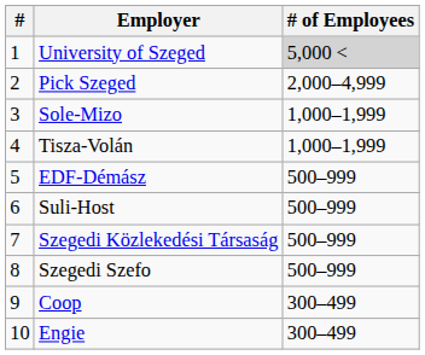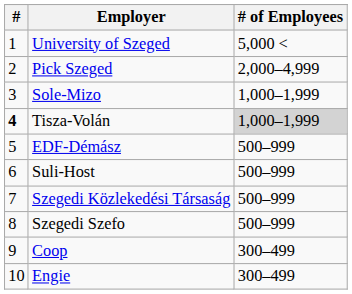 <table class="wikitable">
 <tr style="background:#ececec; vertical-align:top;">
 </tr>
 <tr>
 <th>#</th>
 <th>Employer</th>
 <th># of Employees</th>
 </tr>
 <tr>
 <td>1</td>
 <td><a href='#'>University of Szeged</a></td>
-<td style="background: lightgrey;">5,000 <</td>
+<td>5,000 <</td>
 </tr>
 <tr>
 <td>2</td>
 <td><a href='#'>Pick Szeged</a></td>
 <td>2,000–4,999</td>
 </tr>
 <tr>
 <td>3</td>
 <td><a href='#'>Sole-Mizo</a></td>
 <td>1,000–1,999</td>
 </tr>
 <tr>
-<td>4</td>
+<td><strong>4</strong></td>
 <td>Tisza-Volán</td>
-<td>1,000–1,999</td>
+<td style="background: lightgrey;">1,000–1,999</td>
 </tr>
 <tr>
 <td>5</td>
 <td><a href='#'>EDF-Démász</a></td>
 <td>500–999</td>
 </tr>
 <tr>
 <td>6</td>
 <td>Suli-Host</td>
 <td>500–999</td>
 </tr>
 <tr>
 <td>7</td>
 <td><a href='#'>Szegedi Közlekedési Társaság</a></td>
 <td>500–999</td>
 </tr>
 <tr>
 <td>8</td>
 <td>Szegedi Szefo</td>
 <td>500–999</td>
 </tr>
 <tr>
 <td>9</td>
 <td><a href='#'>Coop</a></td>
 <td>300–499</td>
 </tr>
 <tr>
 <td>10</td>
 <td><a href='#'>Engie</a></td>
 <td>300–499</td>
 </tr>
 </table>
